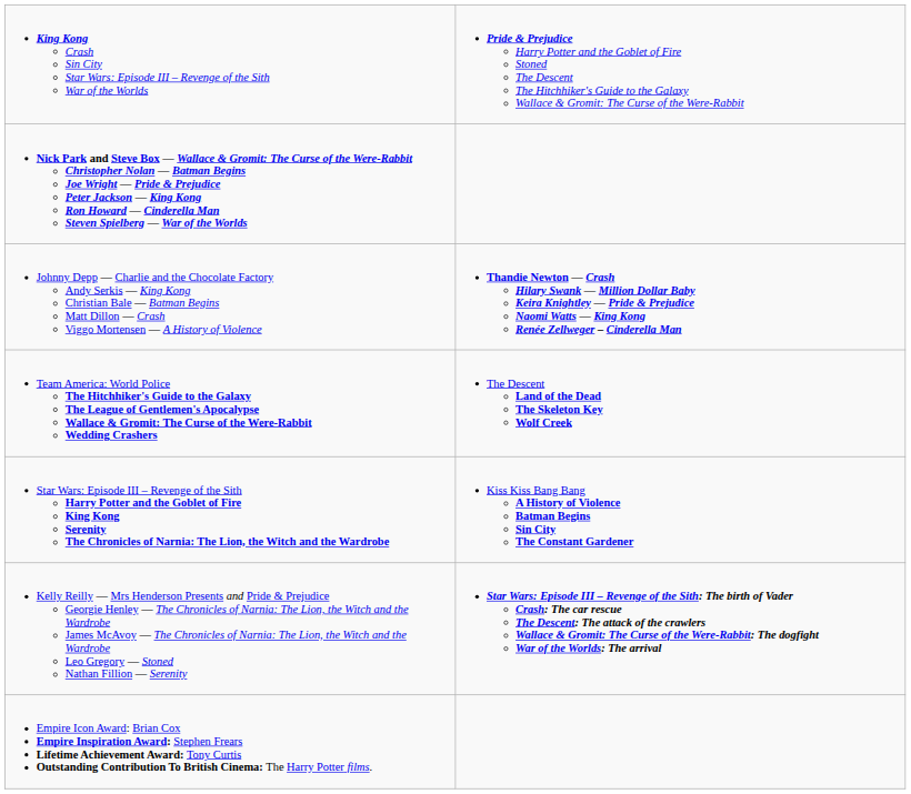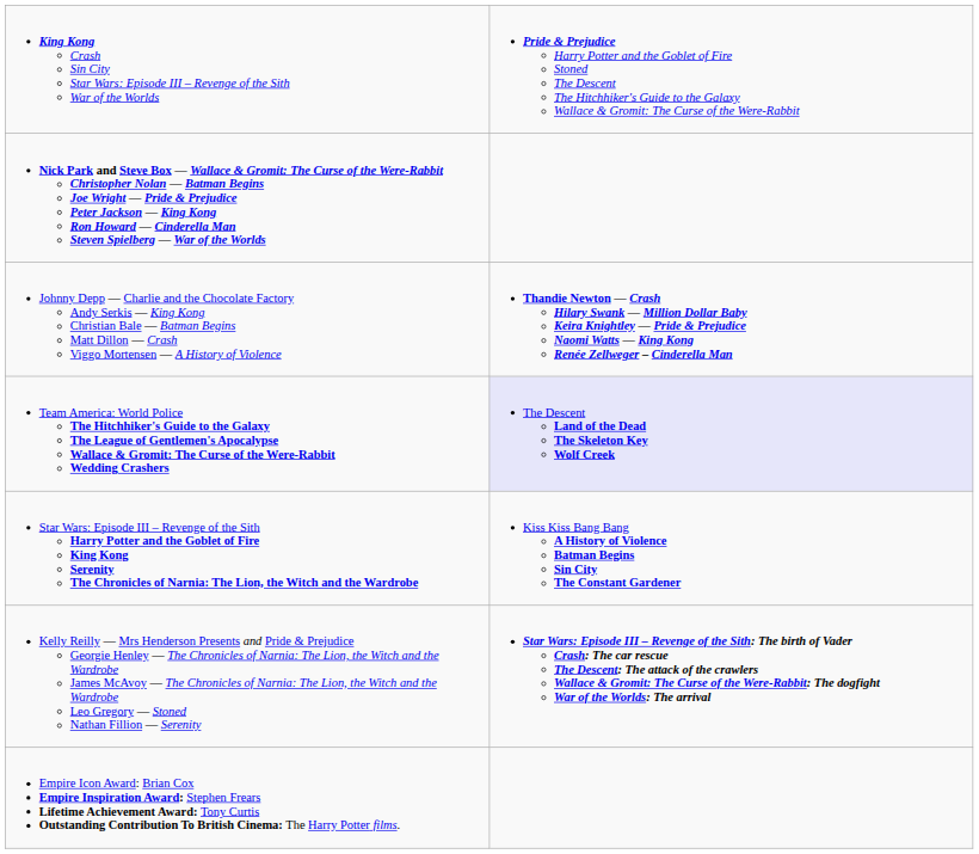 <table class=wikitable>
 <tr>
 <td style="vertical-align:top;" width="50%"><br><ul><li><strong><em><a href='#'>King Kong</a></em></strong><ul><li><em><a href='#'>Crash</a></em></li><li><em><a href='#'>Sin City</a></em></li><li><em><a href='#'>Star Wars: Episode III – Revenge of the Sith</a></em></li><li><em><a href='#'>War of the Worlds</a></em></li></ul></li></ul></td>
 <td style="vertical-align:top;" width="50%"><br><ul><li><strong><em><a href='#'>Pride & Prejudice</a></em></strong><ul><li><em><a href='#'>Harry Potter and the Goblet of Fire</a></em></li><li><em><a href='#'>Stoned</a></em></li><li><em><a href='#'>The Descent</a></em></li><li><em><a href='#'>The Hitchhiker's Guide to the Galaxy</a></em></li><li><em><a href='#'>Wallace & Gromit: The Curse of the Were-Rabbit</a></em></li></ul></li></ul></td>
 </tr>
 <tr>
 <td style="vertical-align:top;" width="50%"><br><ul><li><strong><a href='#'>Nick Park</a> and <a href='#'>Steve Box</a> — <em><a href='#'>Wallace & Gromit: The Curse of the Were-Rabbit</a><strong><em><ul><li><a href='#'>Christopher Nolan</a> — </em><a href='#'>Batman Begins</a><em></li><li><a href='#'>Joe Wright</a> — </em><a href='#'>Pride & Prejudice</a><em></li><li><a href='#'>Peter Jackson</a> — </em><a href='#'>King Kong</a><em></li><li><a href='#'>Ron Howard</a> — </em><a href='#'>Cinderella Man</a><em></li><li><a href='#'>Steven Spielberg</a> — </em><a href='#'>War of the Worlds</a><em></li></ul></li></ul></td>
 <td style="vertical-align:top;" width="50%"></td>
 </tr>
 <tr>
 <td style="vertical-align:top;" width="50%"><br><ul><li></strong><a href='#'>Johnny Depp</a> — </em><a href='#'>Charlie and the Chocolate Factory</a></em></strong><ul><li><a href='#'>Andy Serkis</a> — <em><a href='#'>King Kong</a></em></li><li><a href='#'>Christian Bale</a> — <em><a href='#'>Batman Begins</a></em></li><li><a href='#'>Matt Dillon</a> — <em><a href='#'>Crash</a></em></li><li><a href='#'>Viggo Mortensen</a> — <em><a href='#'>A History of Violence</a></em></li></ul></li></ul></td>
 <td style="vertical-align:top;" width="50%"><br><ul><li><strong><a href='#'>Thandie Newton</a> — <em><a href='#'>Crash</a><strong><em><ul><li><a href='#'>Hilary Swank</a> — </em><a href='#'>Million Dollar Baby</a><em></li><li><a href='#'>Keira Knightley</a> — </em><a href='#'>Pride & Prejudice</a><em></li><li><a href='#'>Naomi Watts</a> — </em><a href='#'>King Kong</a><em></li><li><a href='#'>Renée Zellweger</a> – </em><a href='#'>Cinderella Man</a><em></li></ul></li></ul></td>
 </tr>
 <tr>
 <td style="vertical-align:top;" width="50%"><br><ul><li></em></strong><a href='#'>Team America: World Police</a><strong><em><ul><li></em><a href='#'>The Hitchhiker's Guide to the Galaxy</a><em></li><li></em><a href='#'>The League of Gentlemen's Apocalypse</a><em></li><li></em><a href='#'>Wallace & Gromit: The Curse of the Were-Rabbit</a><em></li><li></em><a href='#'>Wedding Crashers</a><em></li></ul></li></ul></td>
-<td style="vertical-align:top;" width="50%"><br><ul><li></em></strong><a href='#'>The Descent</a><strong><em><ul><li></em><a href='#'>Land of the Dead</a><em></li><li></em><a href='#'>The Skeleton Key</a><em></li><li></em><a href='#'>Wolf Creek</a><em></li></ul></li></ul></td>
+<td style="background: lavender; vertical-align:top;" width="50%"><br><ul><li></em></strong><a href='#'>The Descent</a><strong><em><ul><li></em><a href='#'>Land of the Dead</a><em></li><li></em><a href='#'>The Skeleton Key</a><em></li><li></em><a href='#'>Wolf Creek</a><em></li></ul></li></ul></td>
 </tr>
 <tr>
 <td style="vertical-align:top;" width="50%"><br><ul><li></em></strong><a href='#'>Star Wars: Episode III – Revenge of the Sith</a><strong><em><ul><li></em><a href='#'>Harry Potter and the Goblet of Fire</a><em></li><li></em><a href='#'>King Kong</a><em></li><li></em><a href='#'>Serenity</a><em></li><li></em><a href='#'>The Chronicles of Narnia: The Lion, the Witch and the Wardrobe</a><em></li></ul></li></ul></td>
 <td style="vertical-align:top;" width="50%"><br><ul><li></em></strong><a href='#'>Kiss Kiss Bang Bang</a><strong><em><ul><li></em><a href='#'>A History of Violence</a><em></li><li></em><a href='#'>Batman Begins</a><em></li><li></em><a href='#'>Sin City</a><em></li><li></em><a href='#'>The Constant Gardener</a><em></li></ul></li></ul></td>
 </tr>
 <tr>
 <td style="vertical-align:top;" width="50%"><br><ul><li></strong><a href='#'>Kelly Reilly</a> — </em><a href='#'>Mrs Henderson Presents</a><em> and </em><a href='#'>Pride & Prejudice</a></em></strong><ul><li><a href='#'>Georgie Henley</a> — <em><a href='#'>The Chronicles of Narnia: The Lion, the Witch and the Wardrobe</a></em></li><li><a href='#'>James McAvoy</a> — <em><a href='#'>The Chronicles of Narnia: The Lion, the Witch and the Wardrobe</a></em></li><li><a href='#'>Leo Gregory</a> — <em><a href='#'>Stoned</a></em></li><li><a href='#'>Nathan Fillion</a> — <em><a href='#'>Serenity</a></em></li></ul></li></ul></td>
 <td style="vertical-align:top;" width="50%"><br><ul><li><strong><em><a href='#'>Star Wars: Episode III – Revenge of the Sith</a><em>: The birth of Vader<strong><ul><li></em><a href='#'>Crash</a><em>: The car rescue</li><li></em><a href='#'>The Descent</a><em>: The attack of the crawlers</li><li></em><a href='#'>Wallace & Gromit: The Curse of the Were-Rabbit</a><em>: The dogfight</li><li></em><a href='#'>War of the Worlds</a><em>: The arrival</li></ul></li></ul></td>
 </tr>
 <tr>
 <td style="vertical-align:top;" width="50%"><br><ul><li><a href='#'>Empire Icon Award</a>: </strong><a href='#'>Brian Cox</a><strong></li><li><a href='#'>Empire Inspiration Award</a>: </strong><a href='#'>Stephen Frears</a><strong></li><li>Lifetime Achievement Award: </strong><a href='#'>Tony Curtis</a><strong></li><li>Outstanding Contribution To British Cinema: </strong>The <a href='#'></em>Harry Potter<em> films</a>.<strong></li></ul></td>
 <td style="vertical-align:top;" width="50%"></td>
 </tr>
 </table>
